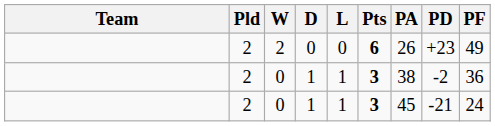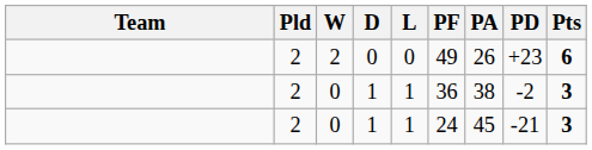 <table class="wikitable" style="text-align:center;">
 <tr>
 <th width="190">Team</th>
 <th width="20" abbr="Played">Pld</th>
 <th width="20" abbr="Won">W</th>
 <th width="20" abbr="Drawn">D</th>
 <th width="20" abbr="Lost">L</th>
-<th width="20" abbr="Points">Pts</th>
+<th width="20" abbr="Points for">PF</th>
 <th width="20" abbr="Points against">PA</th>
 <th width="25" abbr="Points difference">PD</th>
-<th width="20" abbr="Points for">PF</th>
+<th width="20" abbr="Points">Pts</th>
 </tr>
 <tr style="background:">
 <td align="left"></td>
 <td>2</td>
 <td>2</td>
 <td>0</td>
 <td>0</td>
-<td><strong>6</strong></td>
+<td>49</td>
 <td>26</td>
 <td>+23</td>
-<td>49</td>
+<td><strong>6</strong></td>
 </tr>
 <tr style="background:">
 <td align="left"></td>
 <td>2</td>
 <td>0</td>
 <td>1</td>
 <td>1</td>
-<td><strong>3</strong></td>
+<td>36</td>
 <td>38</td>
 <td>-2</td>
-<td>36</td>
+<td><strong>3</strong></td>
 </tr>
 <tr>
 <td align="left"></td>
 <td>2</td>
 <td>0</td>
 <td>1</td>
 <td>1</td>
-<td><strong>3</strong></td>
+<td>24</td>
 <td>45</td>
 <td>-21</td>
-<td>24</td>
+<td><strong>3</strong></td>
 </tr>
 </table>
